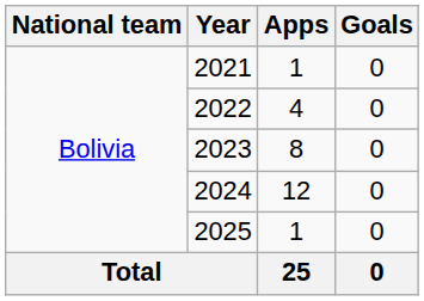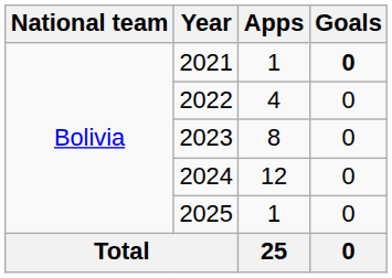 <table class=wikitable style=text-align:center>
 <tr>
 <th>National team</th>
 <th>Year</th>
 <th>Apps</th>
 <th>Goals</th>
 </tr>
 <tr>
 <td rowspan="5"><a href='#'>Bolivia</a></td>
 <td>2021</td>
 <td>1</td>
-<td>0</td>
+<td><strong>0</strong></td>
 </tr>
 <tr>
 <td>2022</td>
 <td>4</td>
 <td>0</td>
 </tr>
 <tr>
 <td>2023</td>
 <td>8</td>
 <td>0</td>
 </tr>
 <tr>
 <td>2024</td>
 <td>12</td>
 <td>0</td>
 </tr>
 <tr>
 <td>2025</td>
 <td>1</td>
 <td>0</td>
 </tr>
 <tr>
 <th colspan="2">Total</th>
 <th>25</th>
 <th>0</th>
 </tr>
 </table>
